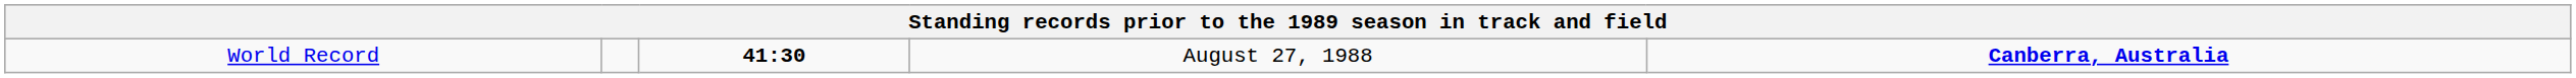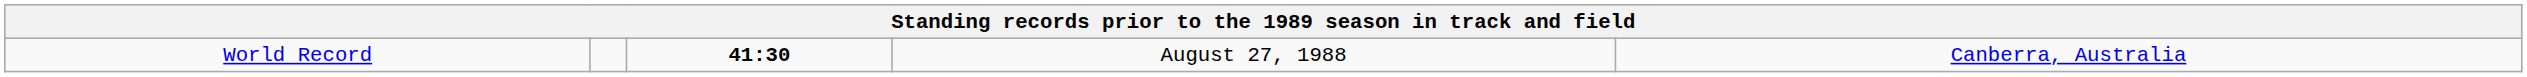 <table class="wikitable" style="text-align:center; width:100%">
 <tr>
 <th colspan="5">Standing records prior to the 1989 season in track and field</th>
 </tr>
 <tr>
 <td><a href='#'>World Record</a></td>
 <td></td>
 <td><strong>41:30</strong></td>
 <td>August 27, 1988</td>
-<td><strong> <a href='#'>Canberra, Australia</a></strong></td>
+<td> <a href='#'>Canberra, Australia</a></td>
 </tr>
 </table>
